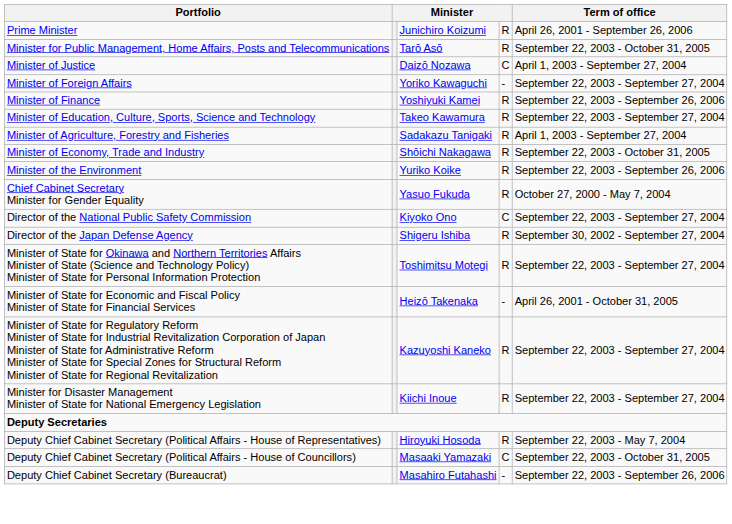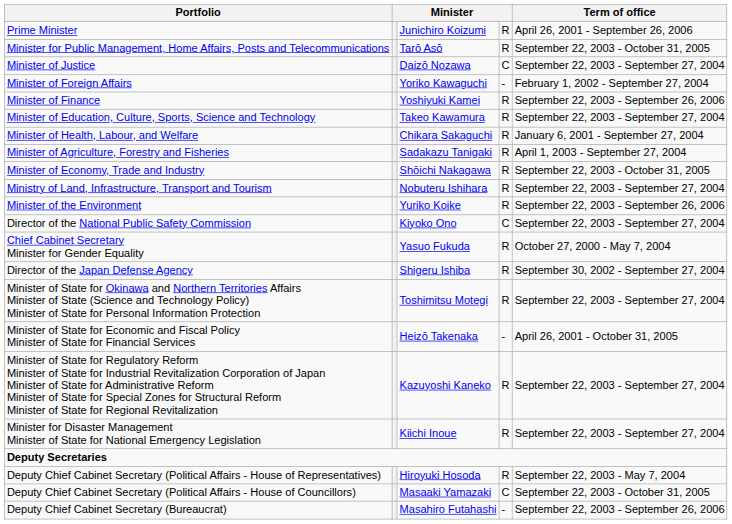 <table class="wikitable">
 <tr>
 <th>Portfolio</th>
 <th colspan=3>Minister</th>
 <th>Term of office</th>
 </tr>
 <tr>
 <td><a href='#'>Prime Minister</a></td>
 <th style="color:inherit;background-color: "></th>
 <td><a href='#'>Junichiro Koizumi</a></td>
 <td>R</td>
 <td>April 26, 2001 - September 26, 2006</td>
 </tr>
 <tr>
 <td><a href='#'>Minister for Public Management, Home Affairs, Posts and Telecommunications</a></td>
 <th style="color:inherit;background-color: "></th>
 <td><a href='#'>Tarō Asō</a></td>
 <td>R</td>
 <td>September 22, 2003 - October 31, 2005</td>
 </tr>
 <tr>
 <td><a href='#'>Minister of Justice</a></td>
 <th style="color:inherit;background-color: "></th>
 <td><a href='#'>Daizō Nozawa</a></td>
 <td>C</td>
-<td>April 1, 2003 - September 27, 2004</td>
+<td>September 22, 2003 - September 27, 2004</td>
 </tr>
 <tr>
 <td><a href='#'>Minister of Foreign Affairs</a></td>
 <th style="color:inherit;background-color: "></th>
 <td><a href='#'>Yoriko Kawaguchi</a></td>
 <td>-</td>
-<td>September 22, 2003 - September 27, 2004</td>
+<td>February 1, 2002 - September 27, 2004</td>
 </tr>
 <tr>
 <td><a href='#'>Minister of Finance</a></td>
 <th style="color:inherit;background-color: "></th>
 <td><a href='#'>Yoshiyuki Kamei</a></td>
 <td>R</td>
 <td>September 22, 2003 - September 26, 2006</td>
 </tr>
 <tr>
 <td><a href='#'>Minister of Education, Culture, Sports, Science and Technology</a></td>
 <th style="color:inherit;background-color: "></th>
 <td><a href='#'>Takeo Kawamura</a></td>
 <td>R</td>
 <td>September 22, 2003 - September 27, 2004</td>
 </tr>
 <tr>
+<td><a href='#'>Minister of Health, Labour, and Welfare</a></td>
+<th style="color:inherit;background-color: "></th>
+<td><a href='#'>Chikara Sakaguchi</a></td>
+<td>R</td>
+<td>January 6, 2001 - September 27, 2004</td>
+</tr>
+<tr>
 <td><a href='#'>Minister of Agriculture, Forestry and Fisheries</a></td>
 <th style="color:inherit;background-color: "></th>
 <td><a href='#'>Sadakazu Tanigaki</a></td>
 <td>R</td>
 <td>April 1, 2003 - September 27, 2004</td>
 </tr>
 <tr>
 <td><a href='#'>Minister of Economy, Trade and Industry</a></td>
 <th style="color:inherit;background-color: "></th>
 <td><a href='#'>Shōichi Nakagawa</a></td>
 <td>R</td>
 <td>September 22, 2003 - October 31, 2005</td>
 </tr>
 <tr>
+<td><a href='#'>Ministry of Land, Infrastructure, Transport and Tourism</a></td>
+<th style="color:inherit;background-color: "></th>
+<td><a href='#'>Nobuteru Ishihara</a></td>
+<td>R</td>
+<td>September 22, 2003 - September 27, 2004</td>
+</tr>
+<tr>
 <td><a href='#'>Minister of the Environment</a></td>
 <th style="color:inherit;background-color: "></th>
 <td><a href='#'>Yuriko Koike</a></td>
 <td>R</td>
 <td>September 22, 2003 - September 26, 2006</td>
 </tr>
 <tr>
+<td>Director of the <a href='#'>National Public Safety Commission</a></td>
+<th style="color:inherit;background-color: "></th>
+<td><a href='#'>Kiyoko Ono</a></td>
+<td>C</td>
+<td>September 22, 2003 - September 27, 2004</td>
+</tr>
+<tr>
 <td><a href='#'>Chief Cabinet Secretary</a> <br>Minister for Gender Equality</td>
 <th style="color:inherit;background-color: "></th>
 <td><a href='#'>Yasuo Fukuda</a></td>
 <td>R</td>
 <td>October 27, 2000 - May 7, 2004</td>
-</tr>
-<tr>
-<td>Director of the <a href='#'>National Public Safety Commission</a></td>
-<th style="color:inherit;background-color: "></th>
-<td><a href='#'>Kiyoko Ono</a></td>
-<td>C</td>
-<td>September 22, 2003 - September 27, 2004</td>
 </tr>
 <tr>
 <td>Director of the <a href='#'>Japan Defense Agency</a></td>
 <th style="color:inherit;background-color: "></th>
 <td><a href='#'>Shigeru Ishiba</a></td>
 <td>R</td>
 <td>September 30, 2002 - September 27, 2004</td>
 </tr>
 <tr>
 <td>Minister of State for <a href='#'>Okinawa</a> and <a href='#'>Northern Territories</a> Affairs <br>Minister of State (Science and Technology Policy) <br>Minister of State for Personal Information Protection</td>
 <th style="color:inherit;background-color: "></th>
 <td><a href='#'>Toshimitsu Motegi</a></td>
 <td>R</td>
 <td>September 22, 2003 - September 27, 2004</td>
 </tr>
 <tr>
 <td>Minister of State for Economic and Fiscal Policy <br>Minister of State for Financial Services</td>
 <th style="color:inherit;background-color: "></th>
 <td><a href='#'>Heizō Takenaka</a></td>
 <td>-</td>
 <td>April 26, 2001 - October 31, 2005</td>
 </tr>
 <tr>
 <td>Minister of State for Regulatory Reform <br>Minister of State for Industrial Revitalization Corporation of Japan <br>Minister of State for Administrative Reform <br>Minister of State for Special Zones for Structural Reform <br>Minister of State for Regional Revitalization</td>
 <th style="color:inherit;background-color: "></th>
 <td><a href='#'>Kazuyoshi Kaneko</a></td>
 <td>R</td>
 <td>September 22, 2003 - September 27, 2004</td>
 </tr>
 <tr>
 <td>Minister for Disaster Management <br>Minister of State for National Emergency Legislation</td>
 <th style="color:inherit;background-color: "></th>
 <td><a href='#'>Kiichi Inoue</a></td>
 <td>R</td>
 <td>September 22, 2003 - September 27, 2004</td>
 </tr>
 <tr>
 <td colspan=5><strong>Deputy Secretaries</strong></td>
 </tr>
 <tr>
 <td>Deputy Chief Cabinet Secretary (Political Affairs - House of Representatives)</td>
 <th style="color:inherit;background-color: "></th>
 <td><a href='#'>Hiroyuki Hosoda</a></td>
 <td>R</td>
 <td>September 22, 2003 - May 7, 2004</td>
 </tr>
 <tr>
 <td>Deputy Chief Cabinet Secretary (Political Affairs - House of Councillors)</td>
 <th style="color:inherit;background-color: "></th>
 <td><a href='#'>Masaaki Yamazaki</a></td>
 <td>C</td>
 <td>September 22, 2003 - October 31, 2005</td>
 </tr>
 <tr>
 <td>Deputy Chief Cabinet Secretary (Bureaucrat)</td>
 <th style="color:inherit;background-color: "></th>
 <td><a href='#'>Masahiro Futahashi</a></td>
 <td>-</td>
 <td>September 22, 2003 - September 26, 2006</td>
 </tr>
 </table>
